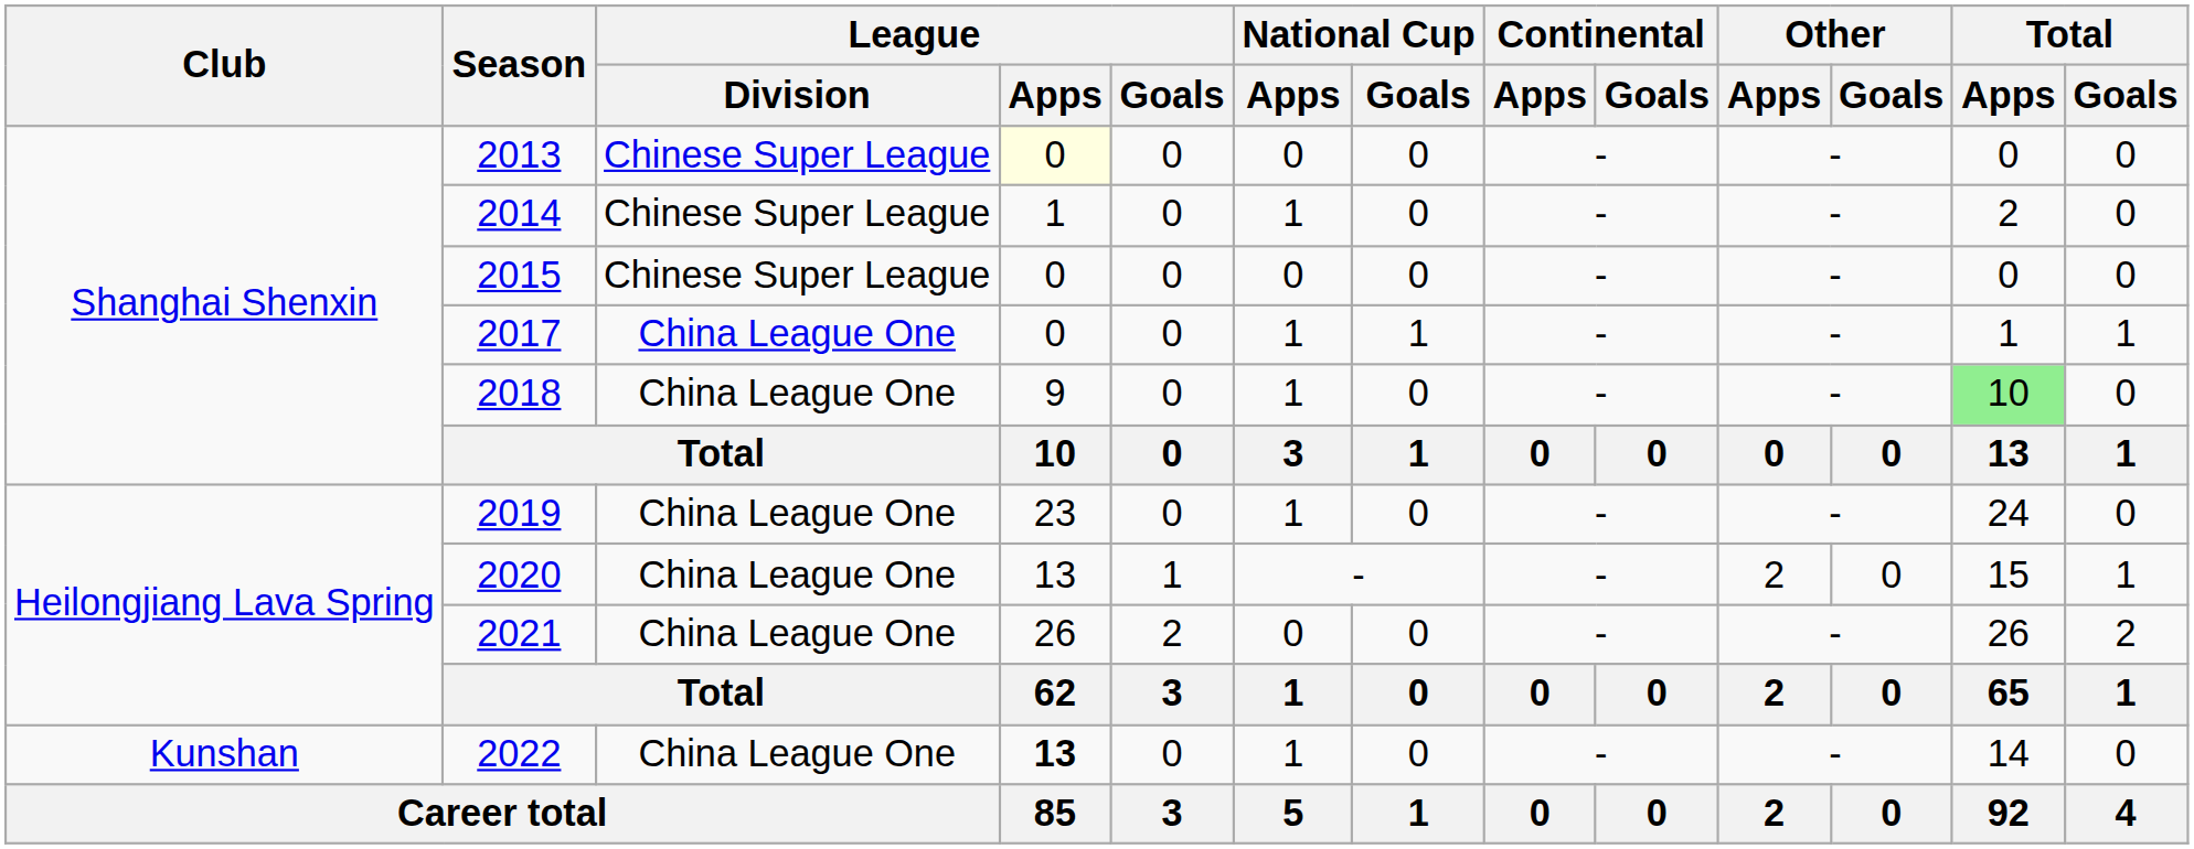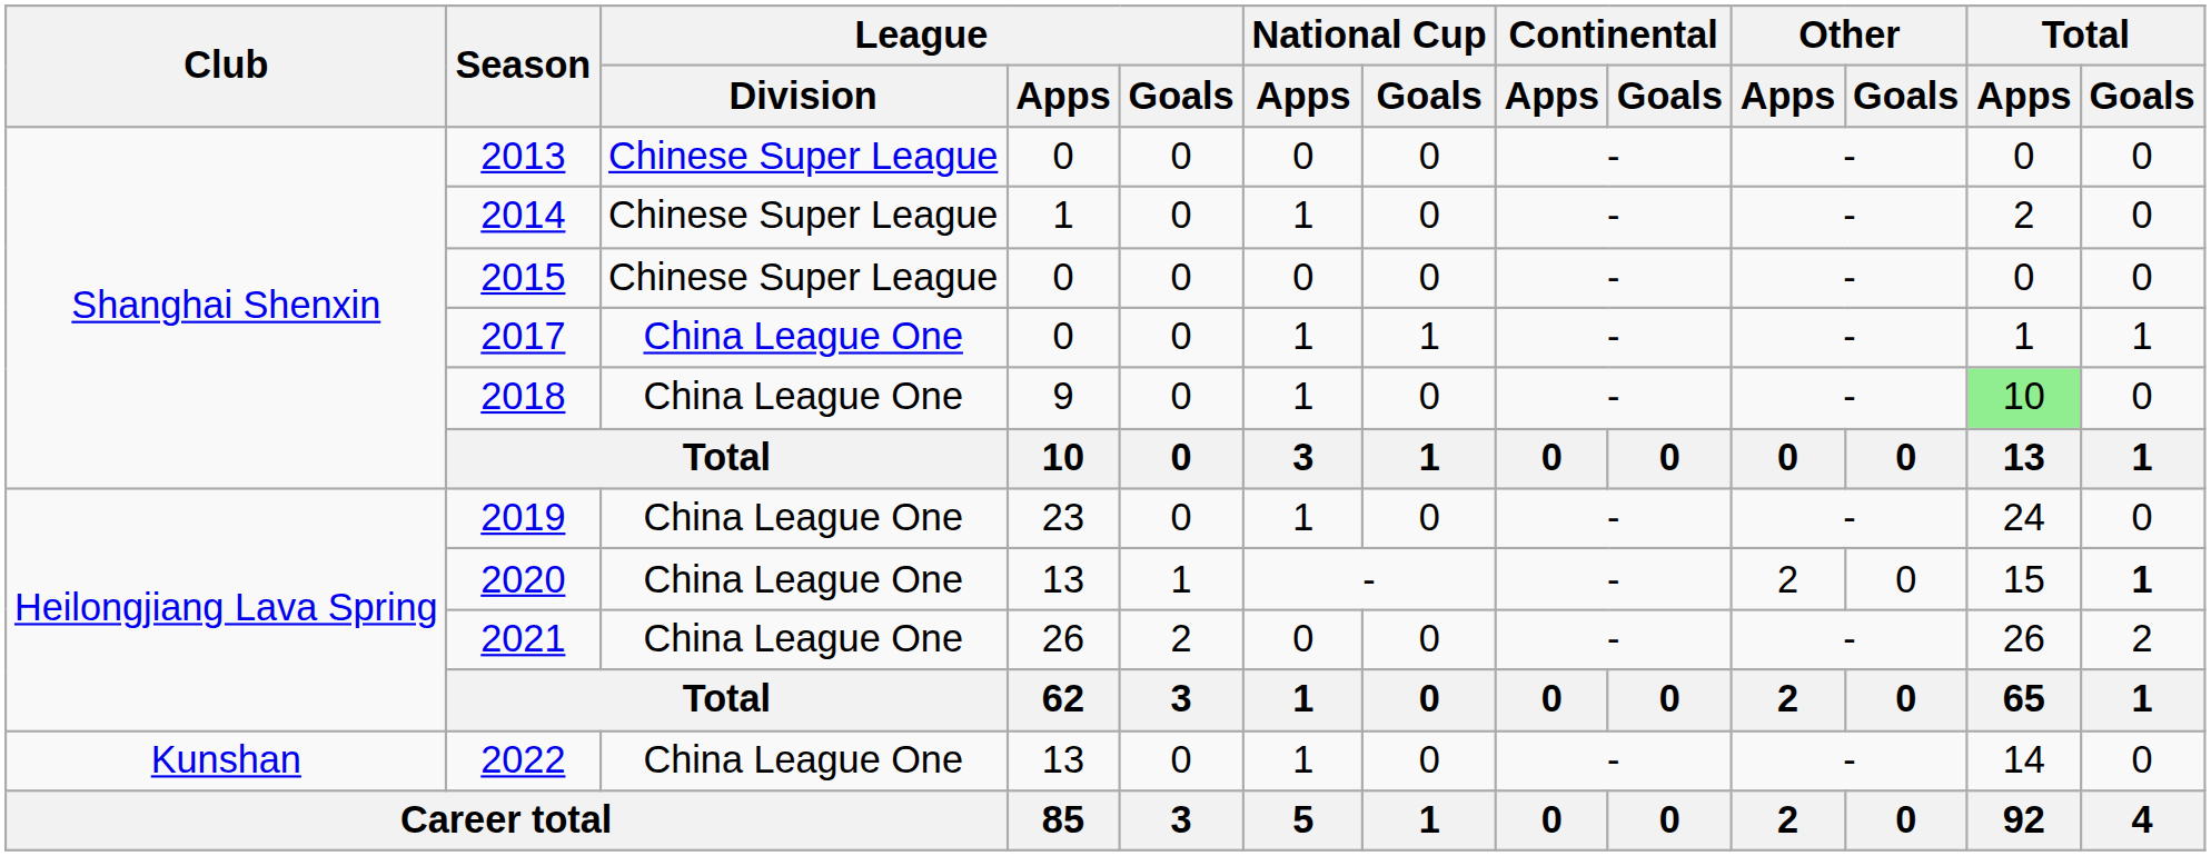 <table class="wikitable" style="text-align: center">
 <tr>
 <th rowspan="2">Club</th>
 <th rowspan="2">Season</th>
 <th colspan="3">League</th>
 <th colspan="2">National Cup</th>
 <th colspan="2">Continental</th>
 <th colspan="2">Other</th>
 <th colspan="2">Total</th>
 </tr>
 <tr>
 <th>Division</th>
 <th>Apps</th>
 <th>Goals</th>
 <th>Apps</th>
 <th>Goals</th>
 <th>Apps</th>
 <th>Goals</th>
 <th>Apps</th>
 <th>Goals</th>
 <th>Apps</th>
 <th>Goals</th>
 </tr>
 <tr>
 <td rowspan=6><a href='#'>Shanghai Shenxin</a></td>
 <td><a href='#'>2013</a></td>
 <td><a href='#'>Chinese Super League</a></td>
-<td style="background: lightyellow;">0</td>
+<td>0</td>
 <td>0</td>
 <td>0</td>
 <td>0</td>
 <td colspan="2">-</td>
 <td colspan="2">-</td>
 <td>0</td>
 <td>0</td>
 </tr>
 <tr>
 <td><a href='#'>2014</a></td>
 <td>Chinese Super League</td>
 <td>1</td>
 <td>0</td>
 <td>1</td>
 <td>0</td>
 <td colspan="2">-</td>
 <td colspan="2">-</td>
 <td>2</td>
 <td>0</td>
 </tr>
 <tr>
 <td><a href='#'>2015</a></td>
 <td>Chinese Super League</td>
 <td>0</td>
 <td>0</td>
 <td>0</td>
 <td>0</td>
 <td colspan="2">-</td>
 <td colspan="2">-</td>
 <td>0</td>
 <td>0</td>
 </tr>
 <tr>
 <td><a href='#'>2017</a></td>
 <td><a href='#'>China League One</a></td>
 <td>0</td>
 <td>0</td>
 <td>1</td>
 <td>1</td>
 <td colspan="2">-</td>
 <td colspan="2">-</td>
 <td>1</td>
 <td>1</td>
 </tr>
 <tr>
 <td><a href='#'>2018</a></td>
 <td>China League One</td>
 <td>9</td>
 <td>0</td>
 <td>1</td>
 <td>0</td>
 <td colspan="2">-</td>
 <td colspan="2">-</td>
 <td style="background: lightgreen;">10</td>
 <td>0</td>
 </tr>
 <tr>
 <th colspan=2>Total</th>
 <th>10</th>
 <th>0</th>
 <th>3</th>
 <th>1</th>
 <th>0</th>
 <th>0</th>
 <th>0</th>
 <th>0</th>
 <th>13</th>
 <th>1</th>
 </tr>
 <tr>
 <td rowspan=4><a href='#'>Heilongjiang Lava Spring</a></td>
 <td><a href='#'>2019</a></td>
 <td>China League One</td>
 <td>23</td>
 <td>0</td>
 <td>1</td>
 <td>0</td>
 <td colspan="2">-</td>
 <td colspan="2">-</td>
 <td>24</td>
 <td>0</td>
 </tr>
 <tr>
 <td><a href='#'>2020</a></td>
 <td>China League One</td>
 <td>13</td>
 <td>1</td>
 <td colspan="2">-</td>
 <td colspan="2">-</td>
 <td>2</td>
 <td>0</td>
 <td>15</td>
-<td>1</td>
+<td><strong>1</strong></td>
 </tr>
 <tr>
 <td><a href='#'>2021</a></td>
 <td>China League One</td>
 <td>26</td>
 <td>2</td>
 <td>0</td>
 <td>0</td>
 <td colspan="2">-</td>
 <td colspan="2">-</td>
 <td>26</td>
 <td>2</td>
 </tr>
 <tr>
 <th colspan=2>Total</th>
 <th>62</th>
 <th>3</th>
 <th>1</th>
 <th>0</th>
 <th>0</th>
 <th>0</th>
 <th>2</th>
 <th>0</th>
 <th>65</th>
 <th>1</th>
 </tr>
 <tr>
 <td><a href='#'>Kunshan</a></td>
 <td><a href='#'>2022</a></td>
 <td>China League One</td>
-<td><strong>13</strong></td>
+<td>13</td>
 <td>0</td>
 <td>1</td>
 <td>0</td>
 <td colspan="2">-</td>
 <td colspan="2">-</td>
 <td>14</td>
 <td>0</td>
 </tr>
 <tr>
 <th colspan=3>Career total</th>
 <th>85</th>
 <th>3</th>
 <th>5</th>
 <th>1</th>
 <th>0</th>
 <th>0</th>
 <th>2</th>
 <th>0</th>
 <th>92</th>
 <th>4</th>
 </tr>
 </table>
